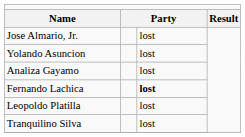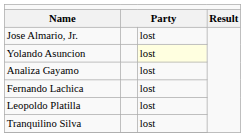 <table class=wikitable style="font-size:90%">
 <tr>
 <td colspan=4 bgcolor=></td>
 </tr>
 <tr>
 <th width=150px>Name</th>
 <th colspan=2 width=110px>Party</th>
 <th>Result</th>
 </tr>
 <tr>
 <td>Jose Almario, Jr.</td>
 <td></td>
 <td>lost</td>
 </tr>
 <tr>
 <td>Yolando Asuncion</td>
 <td></td>
-<td>lost</td>
+<td style="background: lightyellow;">lost</td>
 </tr>
 <tr>
 <td>Analiza Gayamo</td>
 <td></td>
 <td>lost</td>
 </tr>
 <tr>
 <td>Fernando Lachica</td>
 <td></td>
-<td><strong>lost</strong></td>
+<td>lost</td>
 </tr>
 <tr>
 <td>Leopoldo Platilla</td>
 <td></td>
 <td>lost</td>
 </tr>
 <tr>
 <td>Tranquilino Silva</td>
 <td></td>
 <td>lost</td>
 </tr>
 <tr>
 </tr>
 </table>
